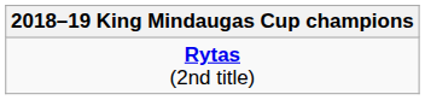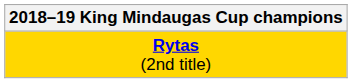 <table class=wikitable style="text-align:center; margin:auto">
 <tr>
 <th>2018–19 King Mindaugas Cup champions</th>
 </tr>
 <tr>
-<td><strong><a href='#'>Rytas</a></strong><br>(2nd title)</td>
+<td style="background: gold;"><strong><a href='#'>Rytas</a></strong><br>(2nd title)</td>
 </tr>
 </table>
